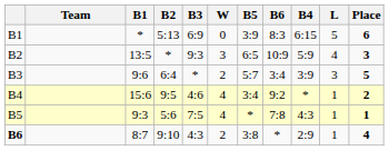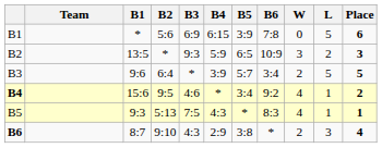 <table class="wikitable" style="text-align:center;">
 <tr>
 <th></th>
 <th width="120">Team</th>
 <th width="25">B1</th>
 <th width="25">B2</th>
 <th width="25">B3</th>
-<th width="30">W</th>
+<th width="25">B4</th>
 <th width="25">B5</th>
 <th width="25">B6</th>
-<th width="25">B4</th>
+<th width="30">W</th>
 <th width="30">L</th>
 <th>Place</th>
 </tr>
 <tr>
 <td>B1</td>
 <td align="left"></td>
 <td>*</td>
-<td>5:13</td>
+<td>5:6</td>
 <td>6:9</td>
+<td>6:15</td>
+<td>3:9</td>
+<td>7:8</td>
 <td>0</td>
-<td>3:9</td>
-<td>8:3</td>
-<td>6:15</td>
 <td>5</td>
 <td><strong>6</strong></td>
 </tr>
 <tr>
 <td>B2</td>
 <td align="left"></td>
 <td>13:5</td>
 <td>*</td>
 <td>9:3</td>
-<td>3</td>
+<td>5:9</td>
 <td>6:5</td>
 <td>10:9</td>
-<td>5:9</td>
-<td>4</td>
+<td>3</td>
+<td>2</td>
 <td><strong>3</strong></td>
 </tr>
 <tr>
 <td>B3</td>
 <td align="left"></td>
 <td>9:6</td>
 <td>6:4</td>
 <td>*</td>
-<td>2</td>
+<td>3:9</td>
 <td>5:7</td>
 <td>3:4</td>
-<td>3:9</td>
-<td>3</td>
+<td>2</td>
+<td>5</td>
 <td><strong>5</strong></td>
 </tr>
 <tr bgcolor="#ffffcc">
-<td>B4</td>
+<td><strong>B4</strong></td>
 <td align="left"></td>
 <td>15:6</td>
 <td>9:5</td>
 <td>4:6</td>
-<td>4</td>
+<td>*</td>
 <td>3:4</td>
 <td>9:2</td>
-<td>*</td>
+<td>4</td>
 <td>1</td>
 <td><strong>2</strong></td>
 </tr>
 <tr bgcolor="#ffffcc">
 <td>B5</td>
 <td align="left"></td>
 <td>9:3</td>
-<td>5:6</td>
+<td>5:13</td>
 <td>7:5</td>
+<td>4:3</td>
+<td>*</td>
+<td>8:3</td>
 <td>4</td>
-<td>*</td>
-<td>7:8</td>
-<td>4:3</td>
 <td>1</td>
 <td><strong>1</strong></td>
 </tr>
 <tr>
 <td><strong>B6</strong></td>
 <td align="left"></td>
 <td>8:7</td>
 <td>9:10</td>
 <td>4:3</td>
-<td>2</td>
+<td>2:9</td>
 <td>3:8</td>
 <td>*</td>
-<td>2:9</td>
-<td>1</td>
+<td>2</td>
+<td>3</td>
 <td><strong>4</strong></td>
 </tr>
 </table>
